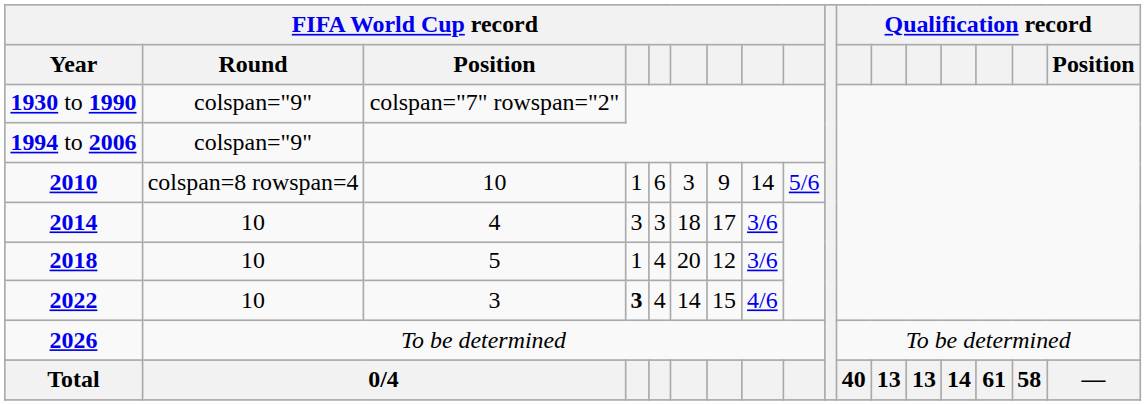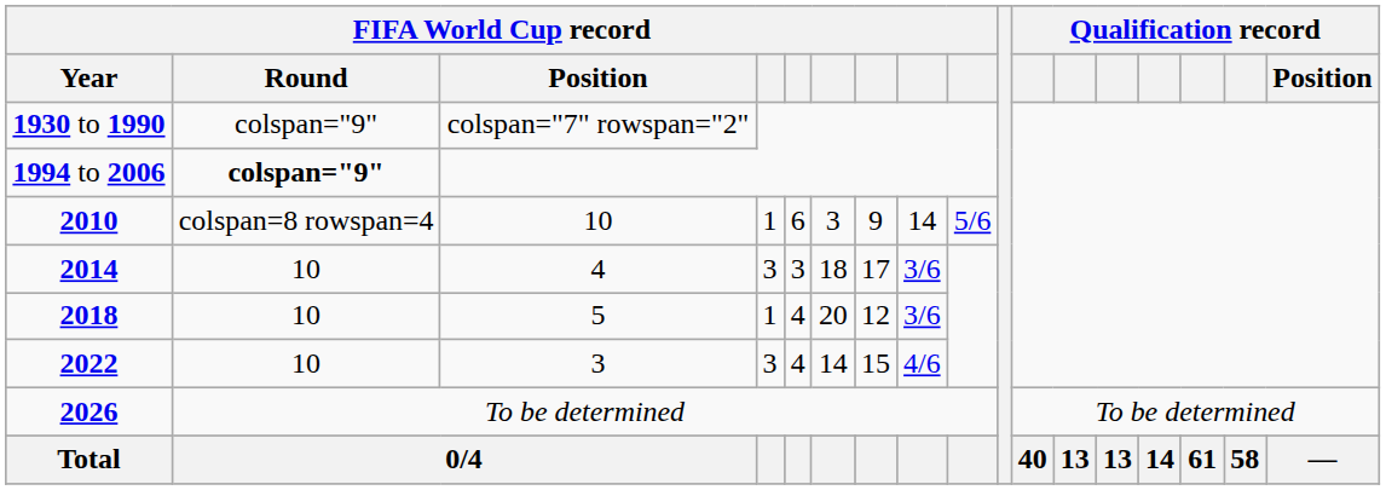 <table class="wikitable" style="text-align: center; font-size: 90%">
 <tr>
 <th colspan=9><a href='#'>FIFA World Cup</a> record</th>
 <th rowspan=11></th>
 <th colspan=7><a href='#'>Qualification</a> record</th>
 </tr>
 <tr>
 <th>Year</th>
 <th>Round</th>
 <th>Position</th>
 <th></th>
 <th></th>
 <th></th>
 <th></th>
 <th></th>
 <th></th>
 <th></th>
 <th></th>
 <th></th>
 <th></th>
 <th></th>
 <th></th>
 <th>Position</th>
 </tr>
 <tr>
 <td><strong><a href='#'>1930</a></strong> to <strong><a href='#'>1990</a></strong></td>
 <td>colspan="9" </td>
 <td>colspan="7" rowspan="2" </td>
 </tr>
 <tr>
 <td><strong><a href='#'>1994</a></strong> to <strong><a href='#'>2006</a></strong></td>
-<td>colspan="9" </td>
+<td><strong>colspan="9" </strong></td>
 </tr>
 <tr>
 <td> <strong><a href='#'>2010</a></strong></td>
 <td>colspan=8 rowspan=4 </td>
 <td>10</td>
 <td>1</td>
 <td>6</td>
 <td>3</td>
 <td>9</td>
 <td>14</td>
 <td><a href='#'>5/6</a></td>
 </tr>
 <tr>
 <td> <strong><a href='#'>2014</a></strong></td>
 <td>10</td>
 <td>4</td>
 <td>3</td>
 <td>3</td>
 <td>18</td>
 <td>17</td>
 <td><a href='#'>3/6</a></td>
 </tr>
 <tr>
 <td> <strong><a href='#'>2018</a></strong></td>
 <td>10</td>
 <td>5</td>
 <td>1</td>
 <td>4</td>
 <td>20</td>
 <td>12</td>
 <td><a href='#'>3/6</a></td>
 </tr>
 <tr>
 <td> <strong><a href='#'>2022</a></strong></td>
 <td>10</td>
 <td>3</td>
-<td><strong>3</strong></td>
+<td>3</td>
 <td>4</td>
 <td>14</td>
 <td>15</td>
 <td><a href='#'>4/6</a></td>
 </tr>
 <tr>
 <td>   <strong><a href='#'>2026</a></strong></td>
 <td colspan=8><em>To be determined</em></td>
 <td colspan=7><em>To be determined</em></td>
 </tr>
 <tr>
 <th><strong>Total</strong></th>
 <th colspan=2><strong>0/4</strong></th>
 <th></th>
 <th></th>
 <th></th>
 <th></th>
 <th></th>
 <th></th>
 <th><strong>40</strong></th>
 <th><strong>13</strong></th>
 <th><strong>13</strong></th>
 <th><strong>14</strong></th>
 <th><strong>61</strong></th>
 <th><strong>58</strong></th>
 <th>—</th>
 </tr>
 </table>
